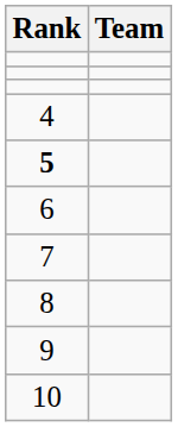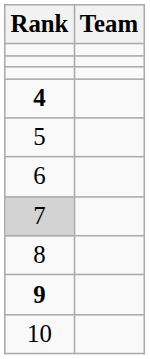 <table class=wikitable style="text-align:center;">
 <tr>
 <th>Rank</th>
 <th>Team</th>
 </tr>
 <tr>
 <td></td>
 <td align=left></td>
 </tr>
 <tr>
 <td></td>
 <td align=left></td>
 </tr>
 <tr>
 <td></td>
 <td align=left></td>
 </tr>
 <tr>
-<td>4</td>
+<td><strong>4</strong></td>
 <td align=left></td>
 </tr>
 <tr>
-<td><strong>5</strong></td>
+<td>5</td>
 <td align=left></td>
 </tr>
 <tr>
 <td>6</td>
 <td align=left></td>
 </tr>
 <tr>
-<td>7</td>
+<td style="background: lightgrey;">7</td>
 <td align=left></td>
 </tr>
 <tr>
 <td>8</td>
 <td align=left></td>
 </tr>
 <tr>
-<td>9</td>
+<td><strong>9</strong></td>
 <td align=left></td>
 </tr>
 <tr>
 <td>10</td>
 <td align=left></td>
 </tr>
 </table>
